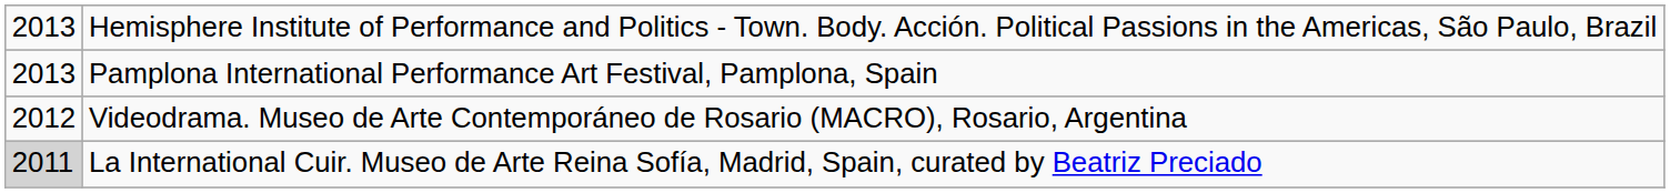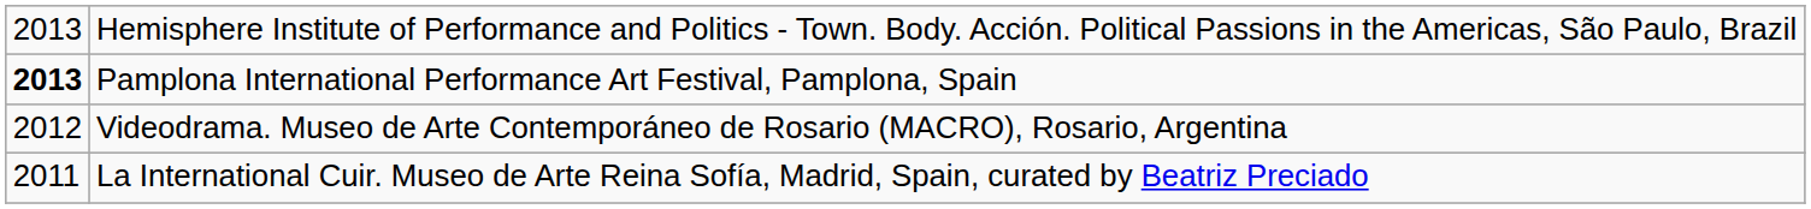 <table class="wikitable">
 <tr>
 <td>2013</td>
 <td>Hemisphere Institute of Performance and Politics - Town. Body. Acción. Political Passions in the Americas, São Paulo, Brazil</td>
 </tr>
 <tr>
-<td>2013</td>
+<td><strong>2013</strong></td>
 <td>Pamplona International Performance Art Festival, Pamplona, Spain</td>
 </tr>
 <tr>
 <td>2012</td>
 <td>Videodrama. Museo de Arte Contemporáneo de Rosario (MACRO), Rosario, Argentina</td>
 </tr>
 <tr>
-<td style="background: lightgrey;">2011</td>
+<td>2011</td>
 <td>La International Cuir. Museo de Arte Reina Sofía, Madrid, Spain, curated by <a href='#'>Beatriz Preciado</a></td>
 </tr>
 </table>
